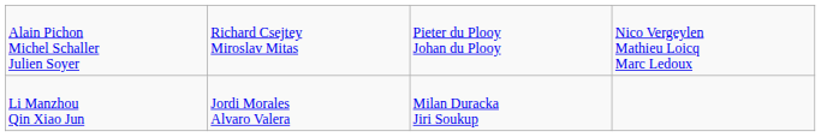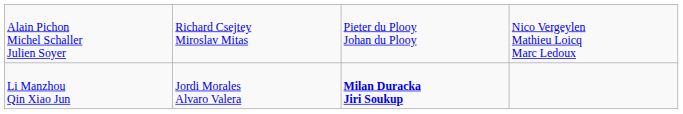 <table class="wikitable">
 <tr>
 <td style="vertical-align:top; width:220px"><br><a href='#'>Alain Pichon</a><br><a href='#'>Michel Schaller</a><br><a href='#'>Julien Soyer</a></td>
 <td style="vertical-align:top; width:220px"><br><a href='#'>Richard Csejtey</a><br><a href='#'>Miroslav Mitas</a></td>
 <td style="vertical-align:top; width:220px"><br><a href='#'>Pieter du Plooy</a><br><a href='#'>Johan du Plooy</a></td>
 <td style="vertical-align:top; width:220px"><br><a href='#'>Nico Vergeylen</a><br><a href='#'>Mathieu Loicq</a><br><a href='#'>Marc Ledoux</a></td>
 </tr>
 <tr>
 <td style="vertical-align:top; width:220px"><br><a href='#'>Li Manzhou</a><br><a href='#'>Qin Xiao Jun</a></td>
 <td style="vertical-align:top; width:220px"><br><a href='#'>Jordi Morales</a><br><a href='#'>Alvaro Valera</a></td>
-<td style="vertical-align:top; width:220px"><br><a href='#'>Milan Duracka</a><br><a href='#'>Jiri Soukup</a></td>
+<td style="vertical-align:top; width:220px"><strong><br><a href='#'>Milan Duracka</a><br><a href='#'>Jiri Soukup</a></strong></td>
 </tr>
 </table>
